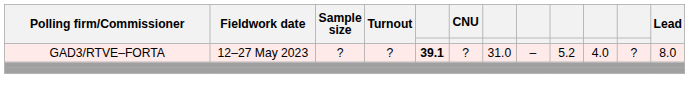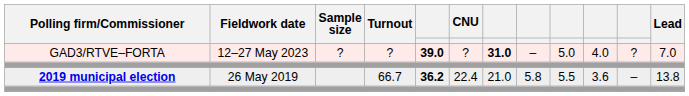 <table class="wikitable collapsible collapsed" style="text-align:center; font-size:95%; line-height:16px;">
 <tr style="height:42px;">
 <th style="width:250px;" rowspan="2">Polling firm/Commissioner</th>
 <th style="width:125px;" rowspan="2">Fieldwork date</th>
 <th style="width:50px;" rowspan="2">Sample size</th>
 <th style="width:45px;" rowspan="2">Turnout</th>
 <th style="width:35px;"></th>
 <th style="width:35px;">CNU</th>
 <th style="width:35px;"></th>
 <th style="width:35px;"></th>
 <th style="width:35px;"></th>
 <th style="width:35px;"></th>
 <th style="width:35px;"></th>
 <th style="width:30px;" rowspan="2">Lead</th>
 </tr>
 <tr>
 <th style="color:inherit;background:"></th>
 <th style="color:inherit;background:"></th>
 <th style="color:inherit;background:"></th>
 <th style="color:inherit;background:"></th>
 <th style="color:inherit;background:"></th>
 <th style="color:inherit;background:"></th>
 <th style="color:inherit;background:"></th>
 </tr>
 <tr style="background:#FFEAEA;">
 <td>GAD3/RTVE–FORTA</td>
 <td>12–27 May 2023</td>
 <td>?</td>
 <td>?</td>
-<td><strong>39.1</strong><br></td>
+<td><strong>39.0</strong><br></td>
 <td>?<br></td>
-<td>31.0<br></td>
+<td><strong>31.0<br></strong></td>
 <td>–</td>
-<td>5.2<br></td>
+<td>5.0<br></td>
 <td>4.0<br></td>
 <td>?<br></td>
-<td style="background:">8.0</td>
+<td style="background:">7.0</td>
 </tr>
 <tr>
 <td colspan="12" style="background:#A0A0A0"></td>
+</tr>
+<tr style="background:#EFEFEF;">
+<td><strong><a href='#'>2019 municipal election</a></strong></td>
+<td>26 May 2019</td>
+<td></td>
+<td>66.7</td>
+<td><strong>36.2</strong><br></td>
+<td>22.4<br></td>
+<td>21.0<br></td>
+<td>5.8<br></td>
+<td>5.5<br></td>
+<td>3.6<br></td>
+<td>–</td>
+<td style="background:">13.8</td>
 </tr>
 <tr>
 <td colspan="12" style="background:#A0A0A0"></td>
 </tr>
 </table>
